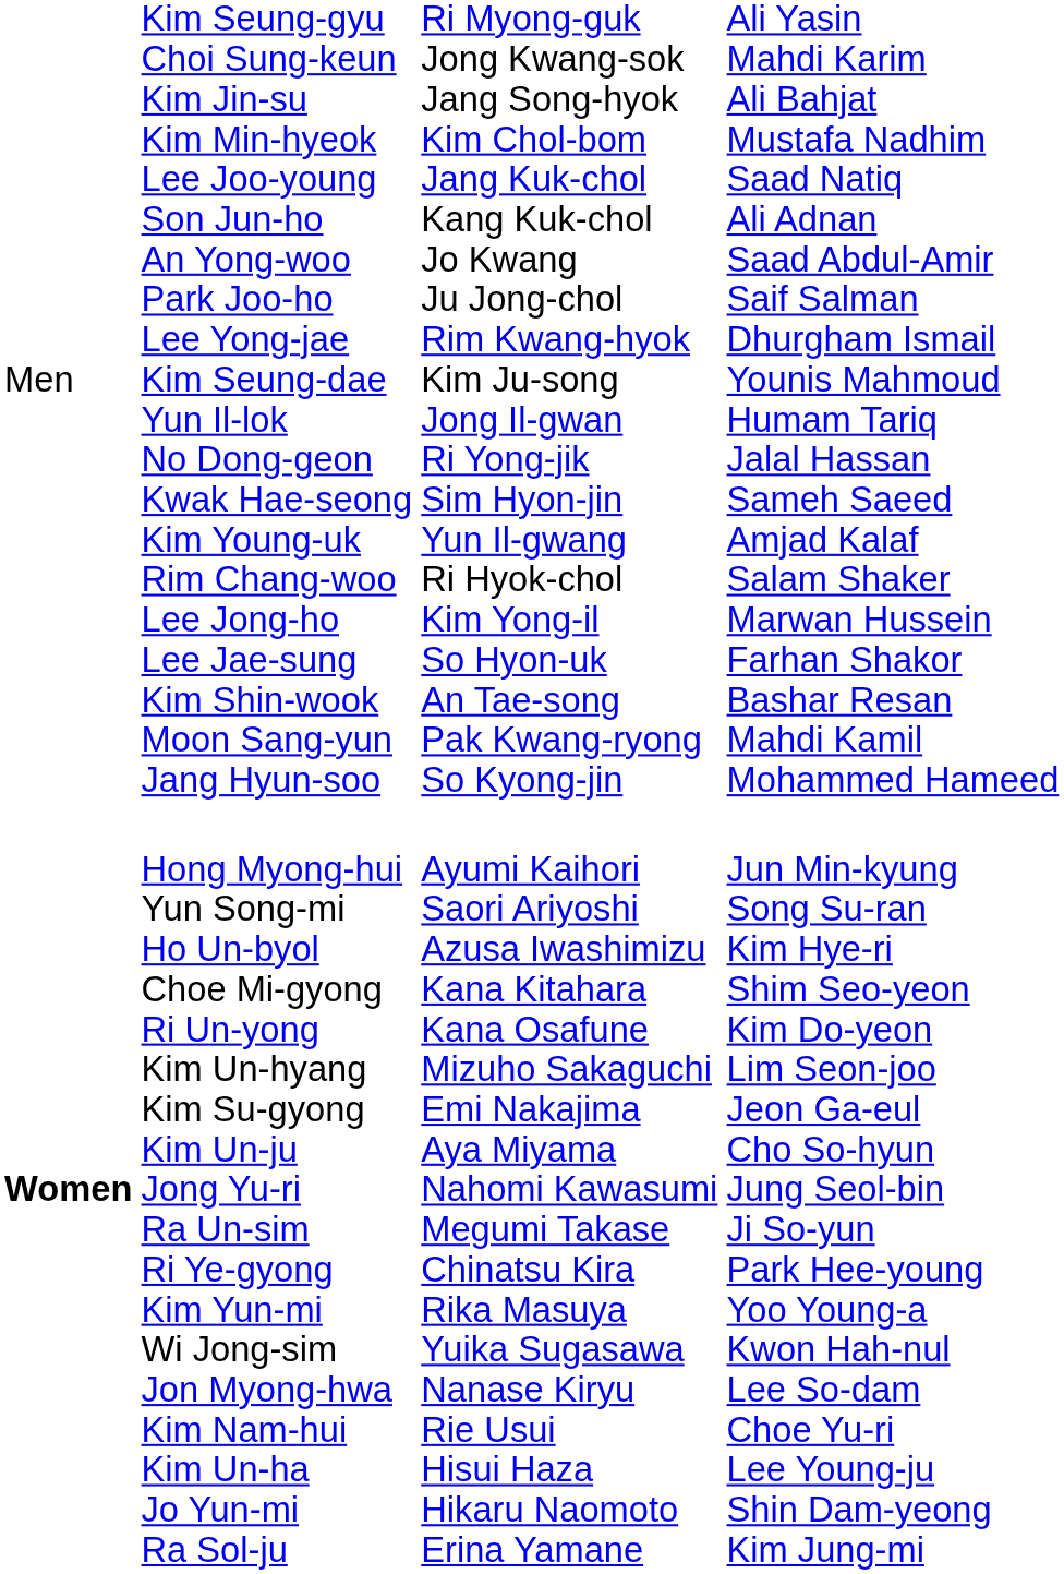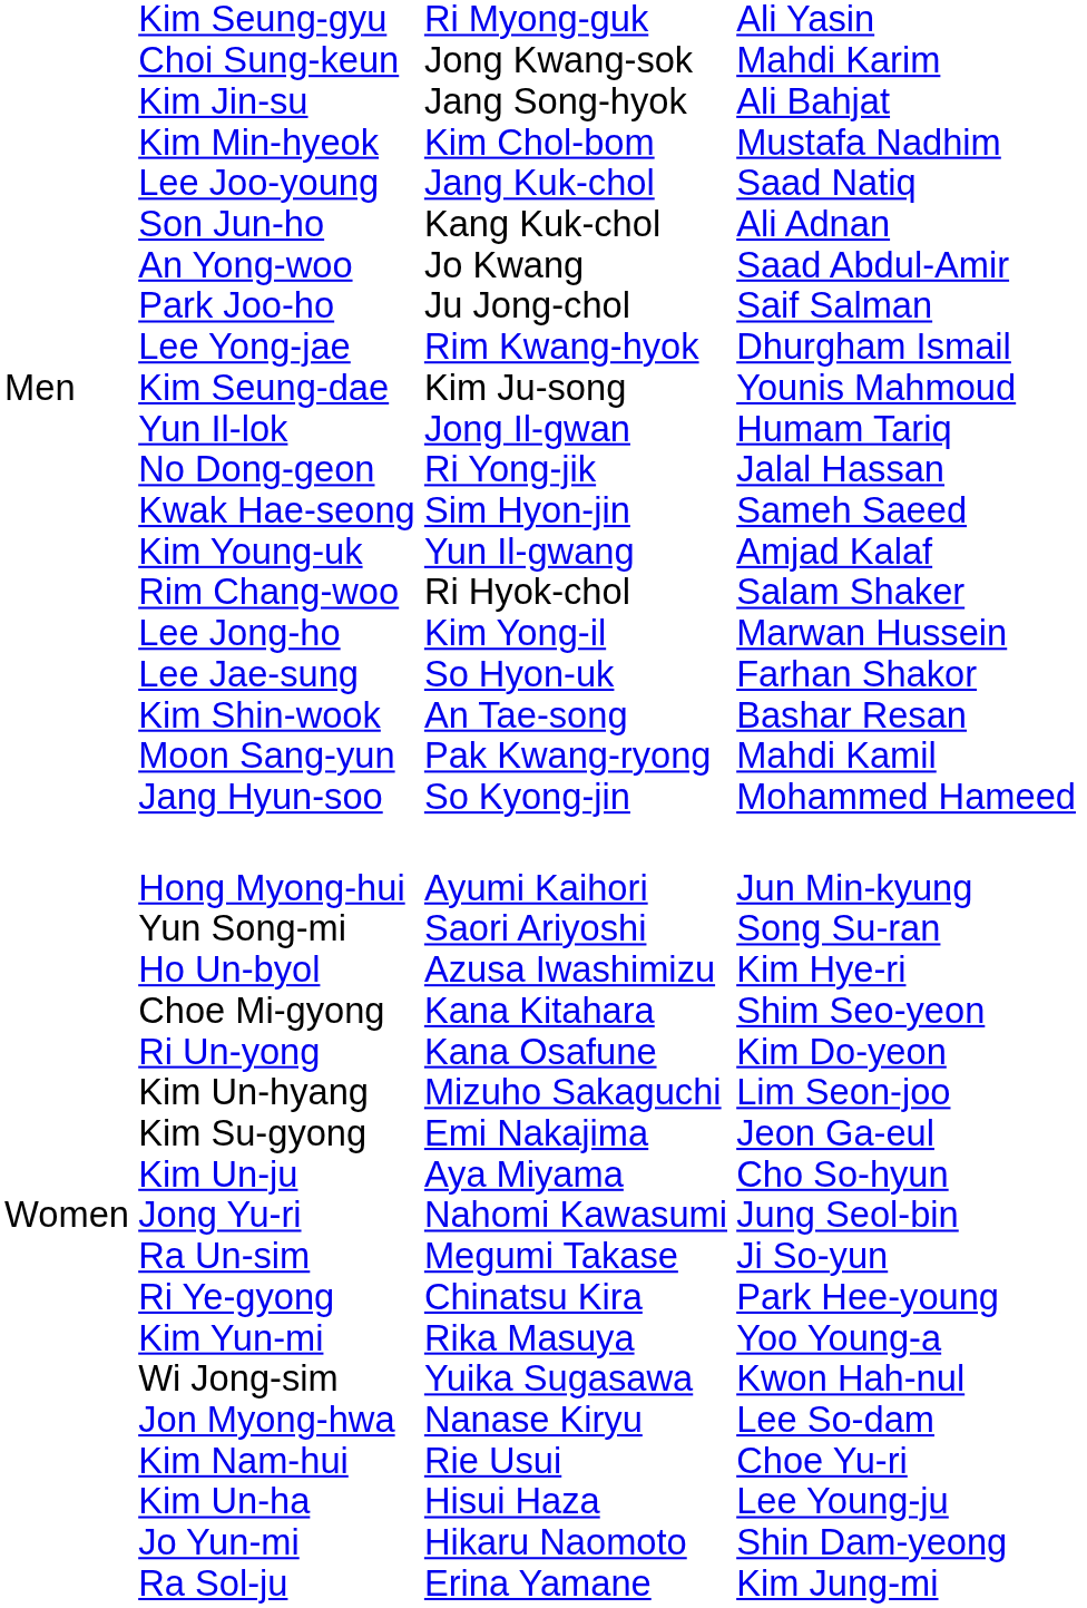 <table>
 <tr>
 <td>Men<br></td>
 <td><br><a href='#'>Kim Seung-gyu</a><br><a href='#'>Choi Sung-keun</a><br><a href='#'>Kim Jin-su</a><br><a href='#'>Kim Min-hyeok</a><br><a href='#'>Lee Joo-young</a><br><a href='#'>Son Jun-ho</a><br><a href='#'>An Yong-woo</a><br><a href='#'>Park Joo-ho</a><br><a href='#'>Lee Yong-jae</a><br><a href='#'>Kim Seung-dae</a><br><a href='#'>Yun Il-lok</a><br><a href='#'>No Dong-geon</a><br><a href='#'>Kwak Hae-seong</a><br><a href='#'>Kim Young-uk</a><br><a href='#'>Rim Chang-woo</a><br><a href='#'>Lee Jong-ho</a><br><a href='#'>Lee Jae-sung</a><br><a href='#'>Kim Shin-wook</a><br><a href='#'>Moon Sang-yun</a><br><a href='#'>Jang Hyun-soo</a></td>
 <td><br><a href='#'>Ri Myong-guk</a><br>Jong Kwang-sok<br>Jang Song-hyok<br><a href='#'>Kim Chol-bom</a><br><a href='#'>Jang Kuk-chol</a><br>Kang Kuk-chol<br>Jo Kwang<br>Ju Jong-chol<br><a href='#'>Rim Kwang-hyok</a><br>Kim Ju-song<br><a href='#'>Jong Il-gwan</a><br><a href='#'>Ri Yong-jik</a><br><a href='#'>Sim Hyon-jin</a><br><a href='#'>Yun Il-gwang</a><br>Ri Hyok-chol<br><a href='#'>Kim Yong-il</a><br><a href='#'>So Hyon-uk</a><br><a href='#'>An Tae-song</a><br><a href='#'>Pak Kwang-ryong</a><br><a href='#'>So Kyong-jin</a></td>
 <td><br><a href='#'>Ali Yasin</a><br><a href='#'>Mahdi Karim</a><br><a href='#'>Ali Bahjat</a><br><a href='#'>Mustafa Nadhim</a><br><a href='#'>Saad Natiq</a><br><a href='#'>Ali Adnan</a><br><a href='#'>Saad Abdul-Amir</a><br><a href='#'>Saif Salman</a><br><a href='#'>Dhurgham Ismail</a><br><a href='#'>Younis Mahmoud</a><br><a href='#'>Humam Tariq</a><br><a href='#'>Jalal Hassan</a><br><a href='#'>Sameh Saeed</a><br><a href='#'>Amjad Kalaf</a><br><a href='#'>Salam Shaker</a><br><a href='#'>Marwan Hussein</a><br><a href='#'>Farhan Shakor</a><br><a href='#'>Bashar Resan</a><br><a href='#'>Mahdi Kamil</a><br><a href='#'>Mohammed Hameed</a></td>
 </tr>
 <tr>
-<td><strong>Women<br></strong></td>
+<td>Women<br></td>
 <td><br><a href='#'>Hong Myong-hui</a><br>Yun Song-mi<br><a href='#'>Ho Un-byol</a><br>Choe Mi-gyong<br><a href='#'>Ri Un-yong</a><br>Kim Un-hyang<br>Kim Su-gyong<br><a href='#'>Kim Un-ju</a><br><a href='#'>Jong Yu-ri</a><br><a href='#'>Ra Un-sim</a><br><a href='#'>Ri Ye-gyong</a><br><a href='#'>Kim Yun-mi</a><br>Wi Jong-sim<br><a href='#'>Jon Myong-hwa</a><br><a href='#'>Kim Nam-hui</a><br><a href='#'>Kim Un-ha</a><br><a href='#'>Jo Yun-mi</a><br><a href='#'>Ra Sol-ju</a></td>
 <td><br><a href='#'>Ayumi Kaihori</a><br><a href='#'>Saori Ariyoshi</a><br><a href='#'>Azusa Iwashimizu</a><br><a href='#'>Kana Kitahara</a><br><a href='#'>Kana Osafune</a><br><a href='#'>Mizuho Sakaguchi</a><br><a href='#'>Emi Nakajima</a><br><a href='#'>Aya Miyama</a><br><a href='#'>Nahomi Kawasumi</a><br><a href='#'>Megumi Takase</a><br><a href='#'>Chinatsu Kira</a><br><a href='#'>Rika Masuya</a><br><a href='#'>Yuika Sugasawa</a><br><a href='#'>Nanase Kiryu</a><br><a href='#'>Rie Usui</a><br><a href='#'>Hisui Haza</a><br><a href='#'>Hikaru Naomoto</a><br><a href='#'>Erina Yamane</a></td>
 <td><br><a href='#'>Jun Min-kyung</a><br><a href='#'>Song Su-ran</a><br><a href='#'>Kim Hye-ri</a><br><a href='#'>Shim Seo-yeon</a><br><a href='#'>Kim Do-yeon</a><br><a href='#'>Lim Seon-joo</a><br><a href='#'>Jeon Ga-eul</a><br><a href='#'>Cho So-hyun</a><br><a href='#'>Jung Seol-bin</a><br><a href='#'>Ji So-yun</a><br><a href='#'>Park Hee-young</a><br><a href='#'>Yoo Young-a</a><br><a href='#'>Kwon Hah-nul</a><br><a href='#'>Lee So-dam</a><br><a href='#'>Choe Yu-ri</a><br><a href='#'>Lee Young-ju</a><br><a href='#'>Shin Dam-yeong</a><br><a href='#'>Kim Jung-mi</a></td>
 </tr>
 </table>
